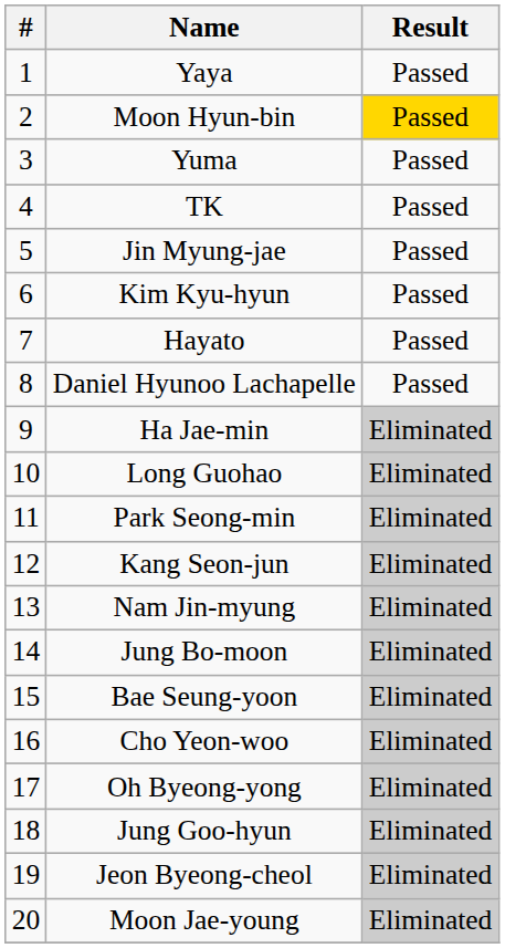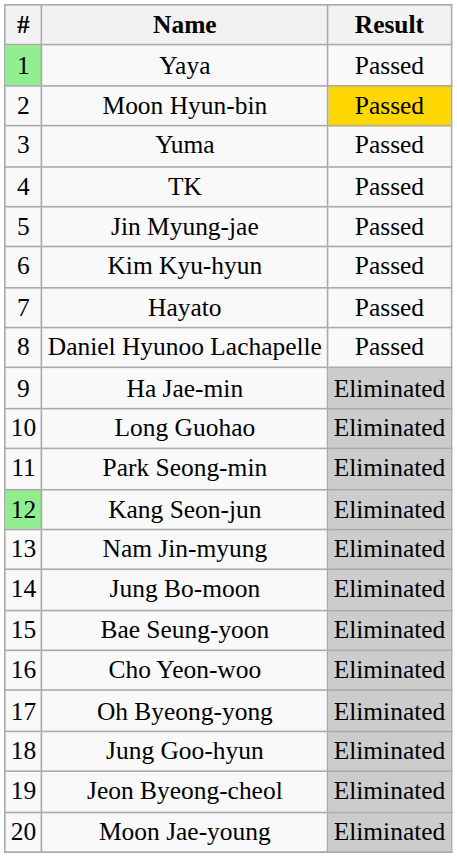 <table class="wikitable sortable collapsible" style="text-align:center">
 <tr>
 <th>#</th>
 <th>Name</th>
 <th>Result</th>
 </tr>
 <tr>
-<td>1</td>
+<td style="background: lightgreen;">1</td>
 <td>Yaya</td>
 <td>Passed</td>
 </tr>
 <tr>
 <td>2</td>
 <td>Moon Hyun-bin</td>
 <td style="background:#FFD700">Passed</td>
 </tr>
 <tr>
 <td>3</td>
 <td>Yuma</td>
 <td>Passed</td>
 </tr>
 <tr>
 <td>4</td>
 <td>TK</td>
 <td>Passed</td>
 </tr>
 <tr>
 <td>5</td>
 <td>Jin Myung-jae</td>
 <td>Passed</td>
 </tr>
 <tr>
 <td>6</td>
 <td>Kim Kyu-hyun</td>
 <td>Passed</td>
 </tr>
 <tr>
 <td>7</td>
 <td>Hayato</td>
 <td>Passed</td>
 </tr>
 <tr>
 <td>8</td>
 <td>Daniel Hyunoo Lachapelle</td>
 <td>Passed</td>
 </tr>
 <tr>
 <td>9</td>
 <td>Ha Jae-min</td>
 <td style="background:#CCCCCC">Eliminated</td>
 </tr>
 <tr>
 <td>10</td>
 <td>Long Guohao</td>
 <td style="background:#CCCCCC">Eliminated</td>
 </tr>
 <tr>
 <td>11</td>
 <td>Park Seong-min</td>
 <td style="background:#CCCCCC">Eliminated</td>
 </tr>
 <tr>
-<td>12</td>
+<td style="background: lightgreen;">12</td>
 <td>Kang Seon-jun</td>
 <td style="background:#CCCCCC">Eliminated</td>
 </tr>
 <tr>
 <td>13</td>
 <td>Nam Jin-myung</td>
 <td style="background:#CCCCCC">Eliminated</td>
 </tr>
 <tr>
 <td>14</td>
 <td>Jung Bo-moon</td>
 <td style="background:#CCCCCC">Eliminated</td>
 </tr>
 <tr>
 <td>15</td>
 <td>Bae Seung-yoon</td>
 <td style="background:#CCCCCC">Eliminated</td>
 </tr>
 <tr>
 <td>16</td>
 <td>Cho Yeon-woo</td>
 <td style="background:#CCCCCC">Eliminated</td>
 </tr>
 <tr>
 <td>17</td>
 <td>Oh Byeong-yong</td>
 <td style="background:#CCCCCC">Eliminated</td>
 </tr>
 <tr>
 <td>18</td>
 <td>Jung Goo-hyun</td>
 <td style="background:#CCCCCC">Eliminated</td>
 </tr>
 <tr>
 <td>19</td>
 <td>Jeon Byeong-cheol</td>
 <td style="background:#CCCCCC">Eliminated</td>
 </tr>
 <tr>
 <td>20</td>
 <td>Moon Jae-young</td>
 <td style="background:#CCCCCC">Eliminated</td>
 </tr>
 <tr>
 </tr>
 </table>
